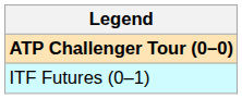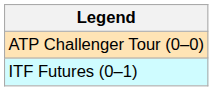 <table class=wikitable style=font-size:97%>
 <tr>
 <th>Legend</th>
 </tr>
 <tr bgcolor=moccasin>
-<td><strong>ATP Challenger Tour (0–0)</strong></td>
+<td>ATP Challenger Tour (0–0)</td>
 </tr>
 <tr bgcolor=cffcff>
 <td>ITF Futures (0–1)</td>
 </tr>
 </table>
